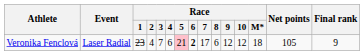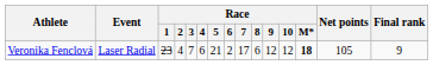 <table class="wikitable" style="font-size:90%">
 <tr>
 <th rowspan="2">Athlete</th>
 <th rowspan="2">Event</th>
 <th colspan=11>Race</th>
 <th rowspan=2>Net points</th>
 <th rowspan=2>Final rank</th>
 </tr>
 <tr style="font-size:95%">
 <th>1</th>
 <th>2</th>
 <th>3</th>
 <th>4</th>
 <th>5</th>
 <th>6</th>
 <th>7</th>
 <th>8</th>
 <th>9</th>
 <th>10</th>
 <th>M*</th>
 </tr>
 <tr align=center>
 <td align=left><a href='#'>Veronika Fenclová</a></td>
 <td align=left><a href='#'>Laser Radial</a></td>
 <td><s>23</s></td>
 <td>4</td>
 <td>7</td>
 <td>6</td>
-<td style="background: pink;">21</td>
-<td><strong>2</strong></td>
+<td>21</td>
+<td>2</td>
 <td>17</td>
 <td>6</td>
 <td>12</td>
 <td>12</td>
-<td>18</td>
+<td><strong>18</strong></td>
 <td>105</td>
 <td>9</td>
 </tr>
 </table>
